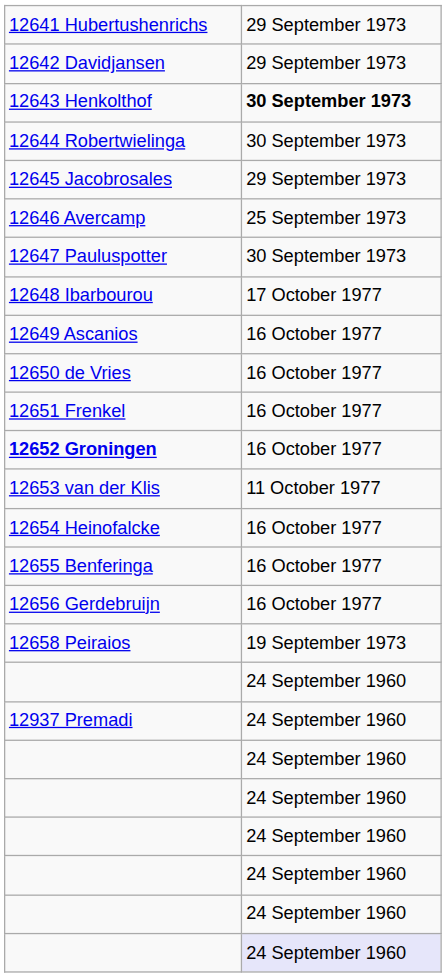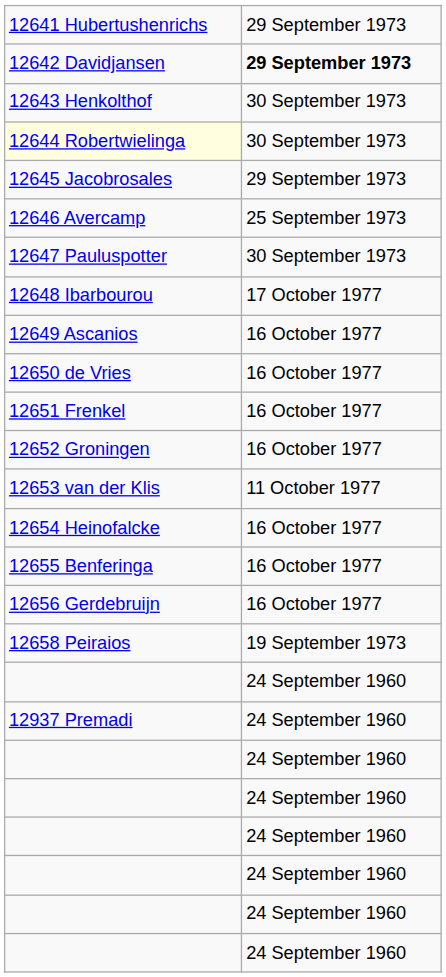 <table class="wikitable" style="font-size: 89%; float: left; width: 24em; margin-right: 1em; line-height: 1.65em">
 <tr>
 <td><a href='#'>12641 Hubertushenrichs</a></td>
 <td>29 September 1973</td>
 </tr>
 <tr>
 <td><a href='#'>12642 Davidjansen</a></td>
-<td>29 September 1973</td>
+<td><strong>29 September 1973</strong></td>
 </tr>
 <tr>
 <td><a href='#'>12643 Henkolthof</a></td>
-<td><strong>30 September 1973</strong></td>
+<td>30 September 1973</td>
 </tr>
 <tr>
-<td><a href='#'>12644 Robertwielinga</a></td>
+<td style="background: lightyellow;"><a href='#'>12644 Robertwielinga</a></td>
 <td>30 September 1973</td>
 </tr>
 <tr>
 <td><a href='#'>12645 Jacobrosales</a></td>
 <td>29 September 1973</td>
 </tr>
 <tr>
 <td><a href='#'>12646 Avercamp</a></td>
 <td>25 September 1973</td>
 </tr>
 <tr>
 <td><a href='#'>12647 Pauluspotter</a></td>
 <td>30 September 1973</td>
 </tr>
 <tr>
 <td><a href='#'>12648 Ibarbourou</a></td>
 <td>17 October 1977</td>
 </tr>
 <tr>
 <td><a href='#'>12649 Ascanios</a></td>
 <td>16 October 1977</td>
 </tr>
 <tr>
 <td><a href='#'>12650 de Vries</a></td>
 <td>16 October 1977</td>
 </tr>
 <tr>
 <td><a href='#'>12651 Frenkel</a></td>
 <td>16 October 1977</td>
 </tr>
 <tr>
-<td><strong><a href='#'>12652 Groningen</a></strong></td>
+<td><a href='#'>12652 Groningen</a></td>
 <td>16 October 1977</td>
 </tr>
 <tr>
 <td><a href='#'>12653 van der Klis</a></td>
 <td>11 October 1977</td>
 </tr>
 <tr>
 <td><a href='#'>12654 Heinofalcke</a></td>
 <td>16 October 1977</td>
 </tr>
 <tr>
 <td><a href='#'>12655 Benferinga</a></td>
 <td>16 October 1977</td>
 </tr>
 <tr>
 <td><a href='#'>12656 Gerdebruijn</a></td>
 <td>16 October 1977</td>
 </tr>
 <tr>
 <td><a href='#'>12658 Peiraios</a></td>
 <td>19 September 1973</td>
 </tr>
 <tr>
 <td></td>
 <td>24 September 1960</td>
 </tr>
 <tr>
 <td><a href='#'>12937 Premadi</a></td>
 <td>24 September 1960</td>
 </tr>
 <tr>
 <td></td>
 <td>24 September 1960</td>
 </tr>
 <tr>
 <td></td>
 <td>24 September 1960</td>
 </tr>
 <tr>
 <td></td>
 <td>24 September 1960</td>
 </tr>
 <tr>
 <td></td>
 <td>24 September 1960</td>
 </tr>
 <tr>
 <td></td>
 <td>24 September 1960</td>
 </tr>
 <tr>
 <td></td>
-<td style="background: lavender;">24 September 1960</td>
+<td>24 September 1960</td>
 </tr>
 </table>
